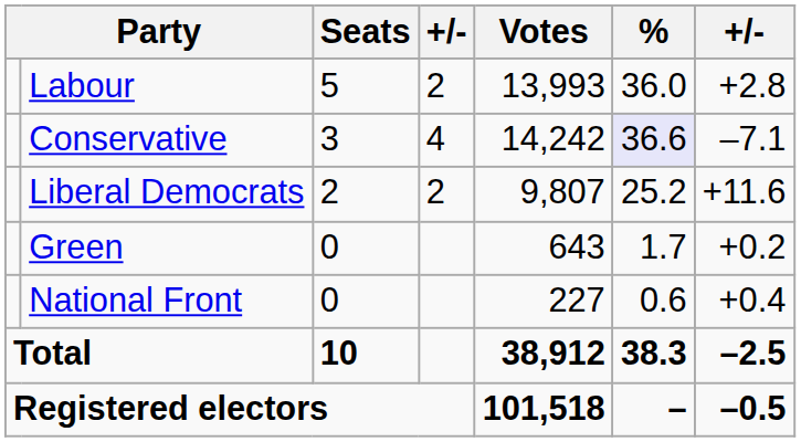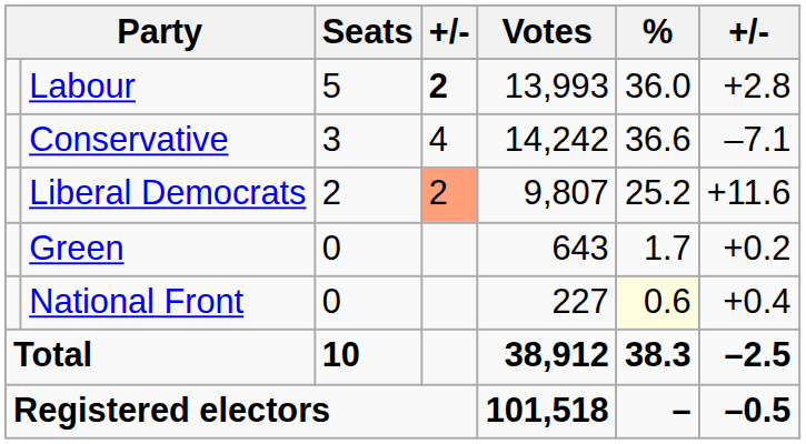 <table class="wikitable sortable">
 <tr>
 <th colspan="2">Party</th>
 <th>Seats</th>
 <th>+/-</th>
 <th>Votes</th>
 <th>%</th>
 <th>+/-</th>
 </tr>
 <tr>
 <td style="background-color: "></td>
 <td><a href='#'>Labour</a></td>
 <td>5</td>
-<td> 2</td>
+<td><strong> 2</strong></td>
 <td style="text-align:right;">13,993</td>
 <td style="text-align:right;">36.0</td>
 <td style="text-align:right;">+2.8</td>
 </tr>
 <tr>
 <td style="background-color: "></td>
 <td><a href='#'>Conservative</a></td>
 <td>3</td>
 <td> 4</td>
 <td style="text-align:right;">14,242</td>
-<td style="background: lavender; text-align:right;">36.6</td>
+<td style="text-align:right;">36.6</td>
 <td style="text-align:right;">–7.1</td>
 </tr>
 <tr>
 <td style="background-color: "></td>
 <td><a href='#'>Liberal Democrats</a></td>
 <td>2</td>
-<td> 2</td>
+<td style="background: lightsalmon;"> 2</td>
 <td style="text-align:right;">9,807</td>
 <td style="text-align:right;">25.2</td>
 <td style="text-align:right;">+11.6</td>
 </tr>
 <tr>
 <td style="background-color: "></td>
 <td><a href='#'>Green</a></td>
 <td>0</td>
 <td></td>
 <td style="text-align:right;">643</td>
 <td style="text-align:right;">1.7</td>
 <td style="text-align:right;">+0.2</td>
 </tr>
 <tr>
 <td style="background-color: "></td>
 <td><a href='#'>National Front</a></td>
 <td>0</td>
 <td></td>
 <td style="text-align:right;">227</td>
-<td style="text-align:right;">0.6</td>
+<td style="background: lightyellow; text-align:right;">0.6</td>
 <td style="text-align:right;">+0.4</td>
 </tr>
 <tr>
 <td colspan="2"><strong>Total</strong></td>
 <td><strong>10</strong></td>
 <td></td>
 <td style="text-align:right;"><strong>38,912</strong></td>
 <td style="text-align:right;"><strong>38.3</strong></td>
 <td style="text-align:right;"><strong>–2.5</strong></td>
 </tr>
 <tr>
 <td colspan="4"><strong>Registered electors</strong></td>
 <td style="text-align:right;"><strong>101,518</strong></td>
 <td style="text-align:right;"><strong>–</strong></td>
 <td style="text-align:right;"><strong>–0.5</strong></td>
 </tr>
 </table>
